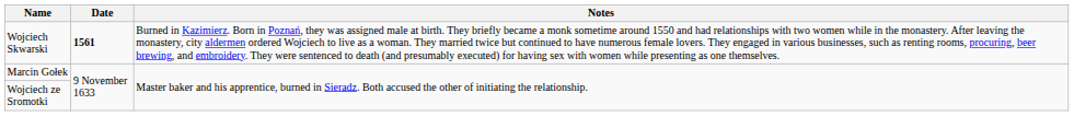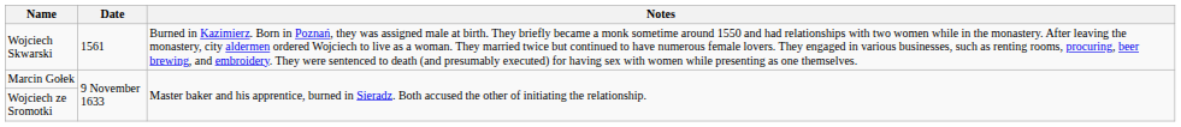 <table class="wikitable sortable" style="text-align:left">
 <tr>
 <th>Name</th>
 <th>Date</th>
 <th>Notes</th>
 </tr>
 <tr>
 <td>Wojciech Skwarski</td>
-<td><strong>1561</strong></td>
+<td>1561</td>
 <td>Burned in <a href='#'>Kazimierz</a>. Born in <a href='#'>Poznań</a>, they was assigned male at birth. They briefly became a monk sometime around 1550 and had relationships with two women while in the monastery. After leaving the monastery, city <a href='#'>aldermen</a> ordered Wojciech to live as a woman. They married twice but continued to have numerous female lovers. They engaged in various businesses, such as renting rooms, <a href='#'>procuring</a>, <a href='#'>beer brewing</a>, and <a href='#'>embroidery</a>. They were sentenced to death (and presumably executed) for having sex with women while presenting as one themselves.</td>
 </tr>
 <tr>
 <td>Marcin Gołek</td>
 <td rowspan="2">9 November 1633</td>
 <td rowspan="2">Master baker and his apprentice, burned in <a href='#'>Sieradz</a>. Both accused the other of initiating the relationship.</td>
 </tr>
 <tr>
 <td>Wojciech ze Sromotki</td>
 </tr>
 </table>
